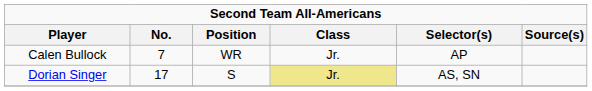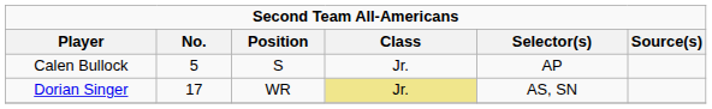 <table class="wikitable" style="text-align:center">
 <tr>
 <td colspan="6" style="text-align:center; "><strong>Second Team All-Americans</strong></td>
 </tr>
 <tr>
 <th style="width:150px; ">Player</th>
 <th style="width:70px; ">No.</th>
 <th style="width:90px; ">Position</th>
 <th style="width:150px; ">Class</th>
 <th style="width:150px; ">Selector(s)</th>
 <th style="width:10px; ">Source(s)</th>
 </tr>
 <tr>
 <td>Calen Bullock</td>
-<td>7</td>
-<td>WR</td>
+<td>5</td>
+<td>S</td>
 <td>Jr.</td>
 <td>AP</td>
 <td></td>
 </tr>
 <tr>
 <td><a href='#'>Dorian Singer</a></td>
 <td>17</td>
-<td>S</td>
+<td>WR</td>
 <td style="background: khaki;">Jr.</td>
 <td>AS, SN</td>
 <td></td>
 </tr>
 <tr>
 </tr>
 </table>
